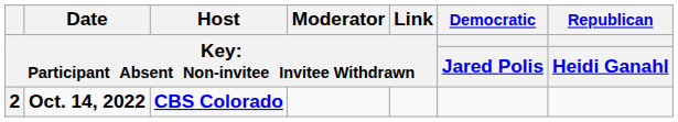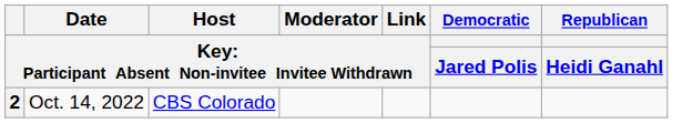 <table class="wikitable" style="text-align:center;">
 <tr>
 <th scope="col"></th>
 <th scope="col">Date</th>
 <th scope="col">Host</th>
 <th scope="col">Moderator</th>
 <th scope="col">Link</th>
 <th scope="col"><small><a href='#'>Democratic</a></small></th>
 <th scope="col"><small><a href='#'>Republican</a></small></th>
 </tr>
 <tr>
 <th colspan="5" rowspan="2">Key:<br> <small>Participant </small>  <small>Absent </small>  <small>Non-invitee </small>  <small>Invitee  Withdrawn</small></th>
 <th scope="col" style="background:"></th>
 <th scope="col" style="background:"></th>
 </tr>
 <tr>
 <th scope="col"><a href='#'>Jared Polis</a></th>
 <th scope="col"><a href='#'>Heidi Ganahl</a></th>
 </tr>
 <tr>
 <th scope="row">2</th>
-<td style="white-space:nowrap;"><strong>Oct. 14, 2022</strong></td>
-<td style="white-space:nowrap;"><strong><a href='#'>CBS Colorado</a></strong></td>
+<td style="white-space:nowrap;">Oct. 14, 2022</td>
+<td style="white-space:nowrap;"><a href='#'>CBS Colorado</a></td>
 <td style="white-space:nowrap;"></td>
 <td style="white-space:nowrap;"></td>
 <td></td>
 <td></td>
 </tr>
 </table>
